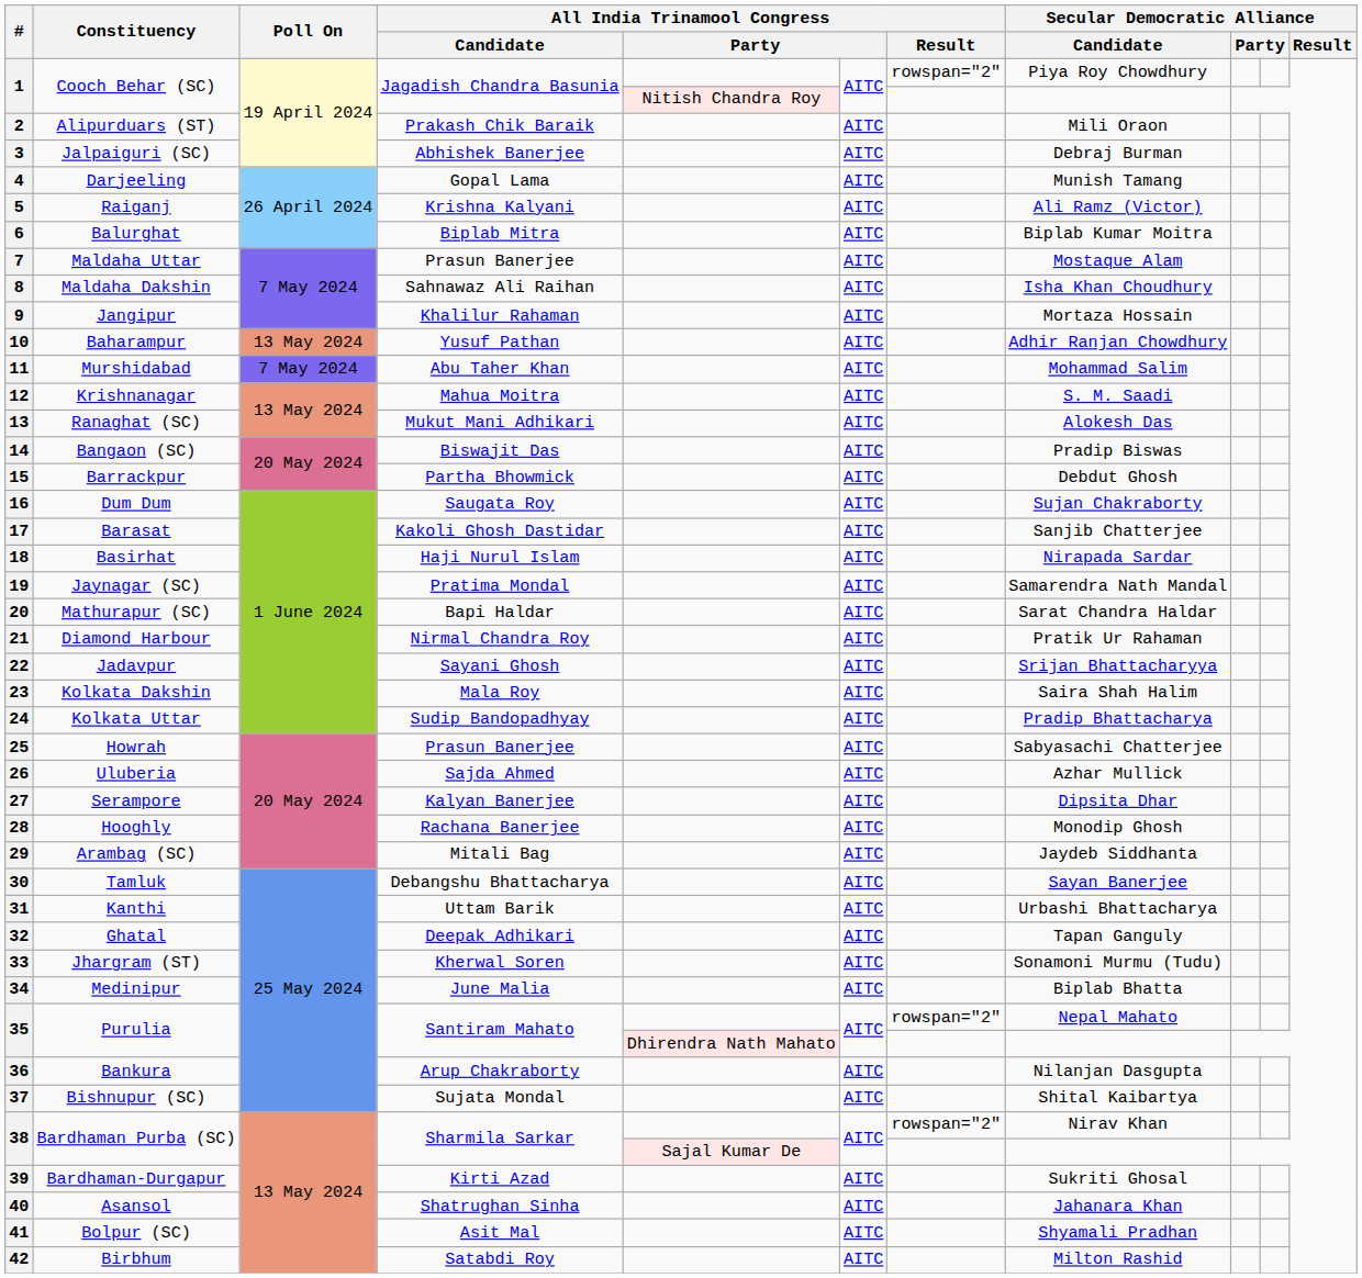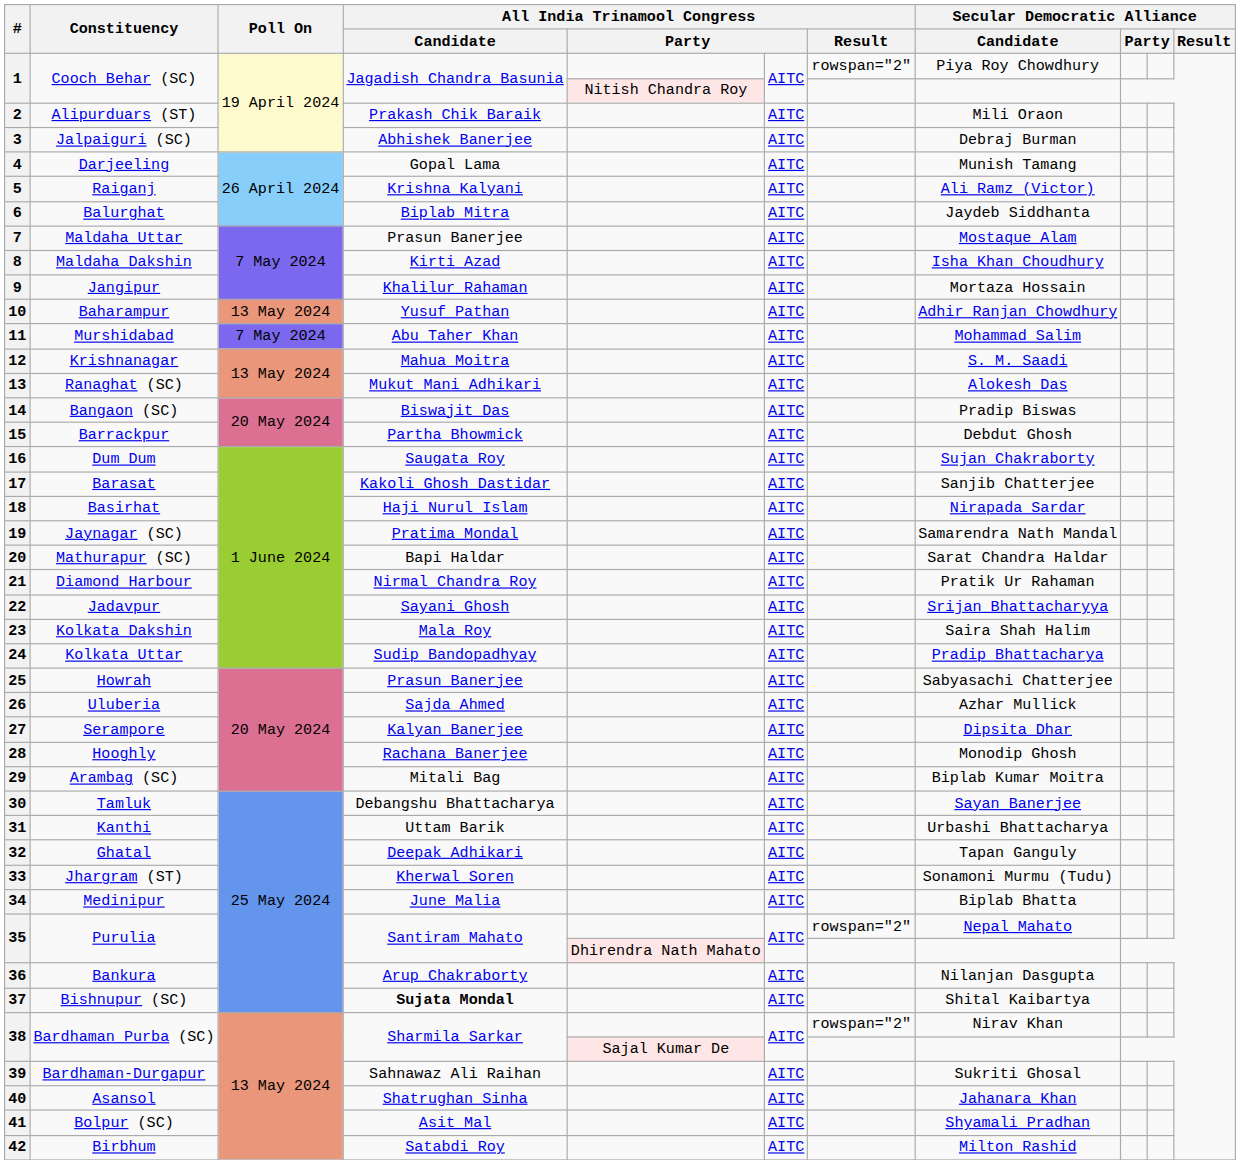 <table class="wikitable sortable" style="text-align:center;">
 <tr>
 <th rowspan="2">#</th>
 <th rowspan="2">Constituency</th>
 <th rowspan="2">Poll On</th>
 <th colspan="4" Style="background-color:">All India Trinamool Congress</th>
 <th colspan="4" Style="background-color:">Secular Democratic Alliance</th>
 </tr>
 <tr>
 <th>Candidate</th>
 <th colspan="2">Party</th>
 <th>Result</th>
 <th>Candidate</th>
 <th colspan="2">Party</th>
 <th>Result</th>
 </tr>
 <tr>
 <th rowspan="2">1</th>
 <td rowspan="2"><a href='#'>Cooch Behar</a> (SC)</td>
 <td rowspan="4" bgcolor=#FFFACD>19 April 2024</td>
 <td rowspan="2"><a href='#'>Jagadish Chandra Basunia</a></td>
 <td></td>
 <td rowspan="2"><a href='#'>AITC</a></td>
 <td>rowspan="2" </td>
 <td>Piya Roy Chowdhury</td>
 <td></td>
 <td></td>
 </tr>
 <tr>
 <td style="background:#FFE6E6">Nitish Chandra Roy</td>
 <td></td>
 <td></td>
 </tr>
 <tr>
 <th>2</th>
 <td><a href='#'>Alipurduars</a> (ST)</td>
 <td><a href='#'>Prakash Chik Baraik</a></td>
 <td></td>
 <td><a href='#'>AITC</a></td>
 <td></td>
 <td>Mili Oraon</td>
 <td></td>
 <td></td>
 </tr>
 <tr>
 <th>3</th>
 <td><a href='#'>Jalpaiguri</a> (SC)</td>
 <td><a href='#'>Abhishek Banerjee</a></td>
 <td></td>
 <td><a href='#'>AITC</a></td>
 <td></td>
 <td>Debraj Burman</td>
 <td></td>
 <td></td>
 </tr>
 <tr>
 <th>4</th>
 <td><a href='#'>Darjeeling</a></td>
 <td rowspan="3" bgcolor=#87CEFA>26 April 2024</td>
 <td>Gopal Lama</td>
 <td></td>
 <td><a href='#'>AITC</a></td>
 <td></td>
 <td>Munish Tamang</td>
 <td></td>
 <td></td>
 </tr>
 <tr>
 <th>5</th>
 <td><a href='#'>Raiganj</a></td>
 <td><a href='#'>Krishna Kalyani</a></td>
 <td></td>
 <td><a href='#'>AITC</a></td>
 <td></td>
 <td><a href='#'>Ali Ramz (Victor)</a></td>
 <td></td>
 <td></td>
 </tr>
 <tr>
 <th>6</th>
 <td><a href='#'>Balurghat</a></td>
 <td><a href='#'>Biplab Mitra</a></td>
 <td></td>
 <td><a href='#'>AITC</a></td>
 <td></td>
-<td>Biplab Kumar Moitra</td>
+<td>Jaydeb Siddhanta</td>
 <td></td>
 <td></td>
 </tr>
 <tr>
 <th>7</th>
 <td><a href='#'>Maldaha Uttar</a></td>
 <td rowspan="3" bgcolor=#7B68EE>7 May 2024</td>
 <td>Prasun Banerjee</td>
 <td></td>
 <td><a href='#'>AITC</a></td>
 <td></td>
 <td><a href='#'>Mostaque Alam</a></td>
 <td></td>
 <td></td>
 </tr>
 <tr>
 <th>8</th>
 <td><a href='#'>Maldaha Dakshin</a></td>
-<td>Sahnawaz Ali Raihan</td>
+<td><a href='#'>Kirti Azad</a></td>
 <td></td>
 <td><a href='#'>AITC</a></td>
 <td></td>
 <td><a href='#'>Isha Khan Choudhury</a></td>
 <td></td>
 <td></td>
 </tr>
 <tr>
 <th>9</th>
 <td><a href='#'>Jangipur</a></td>
 <td><a href='#'>Khalilur Rahaman</a></td>
 <td></td>
 <td><a href='#'>AITC</a></td>
 <td></td>
 <td>Mortaza Hossain</td>
 <td></td>
 <td></td>
 </tr>
 <tr>
 <th>10</th>
 <td><a href='#'>Baharampur</a></td>
 <td bgcolor=#E9967A>13 May 2024</td>
 <td><a href='#'>Yusuf Pathan</a></td>
 <td></td>
 <td><a href='#'>AITC</a></td>
 <td></td>
 <td><a href='#'>Adhir Ranjan Chowdhury</a></td>
 <td></td>
 <td></td>
 </tr>
 <tr>
 <th>11</th>
 <td><a href='#'>Murshidabad</a></td>
 <td bgcolor=#7B68EE>7 May 2024</td>
 <td><a href='#'>Abu Taher Khan</a></td>
 <td></td>
 <td><a href='#'>AITC</a></td>
 <td></td>
 <td><a href='#'>Mohammad Salim</a></td>
 <td></td>
 <td></td>
 </tr>
 <tr>
 <th>12</th>
 <td><a href='#'>Krishnanagar</a></td>
 <td rowspan="2" bgcolor=#E9967A>13 May 2024</td>
 <td><a href='#'>Mahua Moitra</a></td>
 <td></td>
 <td><a href='#'>AITC</a></td>
 <td></td>
 <td><a href='#'>S. M. Saadi</a></td>
 <td></td>
 <td></td>
 </tr>
 <tr>
 <th>13</th>
 <td><a href='#'>Ranaghat</a> (SC)</td>
 <td><a href='#'>Mukut Mani Adhikari</a></td>
 <td></td>
 <td><a href='#'>AITC</a></td>
 <td></td>
 <td><a href='#'>Alokesh Das</a></td>
 <td></td>
 <td></td>
 </tr>
 <tr>
 <th>14</th>
 <td><a href='#'>Bangaon</a> (SC)</td>
 <td rowspan="2" bgcolor=#DB7093>20 May 2024</td>
 <td><a href='#'>Biswajit Das</a></td>
 <td></td>
 <td><a href='#'>AITC</a></td>
 <td></td>
 <td>Pradip Biswas</td>
 <td></td>
 <td></td>
 </tr>
 <tr>
 <th>15</th>
 <td><a href='#'>Barrackpur</a></td>
 <td><a href='#'>Partha Bhowmick</a></td>
 <td></td>
 <td><a href='#'>AITC</a></td>
 <td></td>
 <td>Debdut Ghosh</td>
 <td></td>
 <td></td>
 </tr>
 <tr>
 <th>16</th>
 <td><a href='#'>Dum Dum</a></td>
 <td rowspan="9" bgcolor=#9ACD32>1 June 2024</td>
 <td><a href='#'>Saugata Roy</a></td>
 <td></td>
 <td><a href='#'>AITC</a></td>
 <td></td>
 <td><a href='#'>Sujan Chakraborty</a></td>
 <td></td>
 <td></td>
 </tr>
 <tr>
 <th>17</th>
 <td><a href='#'>Barasat</a></td>
 <td><a href='#'>Kakoli Ghosh Dastidar</a></td>
 <td></td>
 <td><a href='#'>AITC</a></td>
 <td></td>
 <td>Sanjib Chatterjee</td>
 <td></td>
 <td></td>
 </tr>
 <tr>
 <th>18</th>
 <td><a href='#'>Basirhat</a></td>
 <td><a href='#'>Haji Nurul Islam</a></td>
 <td></td>
 <td><a href='#'>AITC</a></td>
 <td></td>
 <td><a href='#'>Nirapada Sardar</a></td>
 <td></td>
 <td></td>
 </tr>
 <tr>
 <th>19</th>
 <td><a href='#'>Jaynagar</a> (SC)</td>
 <td><a href='#'>Pratima Mondal</a></td>
 <td></td>
 <td><a href='#'>AITC</a></td>
 <td></td>
 <td>Samarendra Nath Mandal</td>
 <td></td>
 <td></td>
 </tr>
 <tr>
 <th>20</th>
 <td><a href='#'>Mathurapur</a> (SC)</td>
 <td>Bapi Haldar</td>
 <td></td>
 <td><a href='#'>AITC</a></td>
 <td></td>
 <td>Sarat Chandra Haldar</td>
 <td></td>
 <td></td>
 </tr>
 <tr>
 <th>21</th>
 <td><a href='#'>Diamond Harbour</a></td>
 <td><a href='#'>Nirmal Chandra Roy</a></td>
 <td></td>
 <td><a href='#'>AITC</a></td>
 <td></td>
 <td>Pratik Ur Rahaman</td>
 <td></td>
 <td></td>
 </tr>
 <tr>
 <th>22</th>
 <td><a href='#'>Jadavpur</a></td>
 <td><a href='#'>Sayani Ghosh</a></td>
 <td></td>
 <td><a href='#'>AITC</a></td>
 <td></td>
 <td><a href='#'>Srijan Bhattacharyya</a></td>
 <td></td>
 <td></td>
 </tr>
 <tr>
 <th>23</th>
 <td><a href='#'>Kolkata Dakshin</a></td>
 <td><a href='#'>Mala Roy</a></td>
 <td></td>
 <td><a href='#'>AITC</a></td>
 <td></td>
 <td>Saira Shah Halim</td>
 <td></td>
 <td></td>
 </tr>
 <tr>
 <th>24</th>
 <td><a href='#'>Kolkata Uttar</a></td>
 <td><a href='#'>Sudip Bandopadhyay</a></td>
 <td></td>
 <td><a href='#'>AITC</a></td>
 <td></td>
 <td><a href='#'>Pradip Bhattacharya</a></td>
 <td></td>
 <td></td>
 </tr>
 <tr>
 <th>25</th>
 <td><a href='#'>Howrah</a></td>
 <td rowspan="5" bgcolor=#DB7093>20 May 2024</td>
 <td><a href='#'>Prasun Banerjee</a></td>
 <td></td>
 <td><a href='#'>AITC</a></td>
 <td></td>
 <td>Sabyasachi Chatterjee</td>
 <td></td>
 <td></td>
 </tr>
 <tr>
 <th>26</th>
 <td><a href='#'>Uluberia</a></td>
 <td><a href='#'>Sajda Ahmed</a></td>
 <td></td>
 <td><a href='#'>AITC</a></td>
 <td></td>
 <td>Azhar Mullick</td>
 <td></td>
 <td></td>
 </tr>
 <tr>
 <th>27</th>
 <td><a href='#'>Serampore</a></td>
 <td><a href='#'>Kalyan Banerjee</a></td>
 <td></td>
 <td><a href='#'>AITC</a></td>
 <td></td>
 <td><a href='#'>Dipsita Dhar</a></td>
 <td></td>
 <td></td>
 </tr>
 <tr>
 <th>28</th>
 <td><a href='#'>Hooghly</a></td>
 <td><a href='#'>Rachana Banerjee</a></td>
 <td></td>
 <td><a href='#'>AITC</a></td>
 <td></td>
 <td>Monodip Ghosh</td>
 <td></td>
 <td></td>
 </tr>
 <tr>
 <th>29</th>
 <td><a href='#'>Arambag</a> (SC)</td>
 <td>Mitali Bag</td>
 <td></td>
 <td><a href='#'>AITC</a></td>
 <td></td>
-<td>Jaydeb Siddhanta</td>
+<td>Biplab Kumar Moitra</td>
 <td></td>
 <td></td>
 </tr>
 <tr>
 <th>30</th>
 <td><a href='#'>Tamluk</a></td>
 <td rowspan="9" bgcolor=#6495ED>25 May 2024</td>
 <td>Debangshu Bhattacharya</td>
 <td></td>
 <td><a href='#'>AITC</a></td>
 <td></td>
 <td><a href='#'>Sayan Banerjee</a></td>
 <td></td>
 <td></td>
 </tr>
 <tr>
 <th>31</th>
 <td><a href='#'>Kanthi</a></td>
 <td>Uttam Barik</td>
 <td></td>
 <td><a href='#'>AITC</a></td>
 <td></td>
 <td>Urbashi Bhattacharya</td>
 <td></td>
 <td></td>
 </tr>
 <tr>
 <th>32</th>
 <td><a href='#'>Ghatal</a></td>
 <td><a href='#'>Deepak Adhikari</a></td>
 <td></td>
 <td><a href='#'>AITC</a></td>
 <td></td>
 <td>Tapan Ganguly</td>
 <td></td>
 <td></td>
 </tr>
 <tr>
 <th>33</th>
 <td><a href='#'>Jhargram</a> (ST)</td>
 <td><a href='#'>Kherwal Soren</a></td>
 <td></td>
 <td><a href='#'>AITC</a></td>
 <td></td>
 <td>Sonamoni Murmu (Tudu)</td>
 <td></td>
 <td></td>
 </tr>
 <tr>
 <th>34</th>
 <td><a href='#'>Medinipur</a></td>
 <td><a href='#'>June Malia</a></td>
 <td></td>
 <td><a href='#'>AITC</a></td>
 <td></td>
 <td>Biplab Bhatta</td>
 <td></td>
 <td></td>
 </tr>
 <tr>
 <th rowspan="2">35</th>
 <td rowspan="2"><a href='#'>Purulia</a></td>
 <td rowspan="2"><a href='#'>Santiram Mahato</a></td>
 <td></td>
 <td rowspan="2"><a href='#'>AITC</a></td>
 <td>rowspan="2" </td>
 <td><a href='#'>Nepal Mahato</a></td>
 <td></td>
 <td></td>
 </tr>
 <tr>
 <td style="background:#FFE6E6">Dhirendra Nath Mahato</td>
 <td></td>
 <td></td>
 </tr>
 <tr>
 <th>36</th>
 <td><a href='#'>Bankura</a></td>
 <td><a href='#'>Arup Chakraborty</a></td>
 <td></td>
 <td><a href='#'>AITC</a></td>
 <td></td>
 <td>Nilanjan Dasgupta</td>
 <td></td>
 <td></td>
 </tr>
 <tr>
 <th>37</th>
 <td><a href='#'>Bishnupur</a> (SC)</td>
-<td>Sujata Mondal</td>
+<td><strong>Sujata Mondal</strong></td>
 <td></td>
 <td><a href='#'>AITC</a></td>
 <td></td>
 <td>Shital Kaibartya</td>
 <td></td>
 <td></td>
 </tr>
 <tr>
 <th rowspan="2">38</th>
 <td rowspan="2"><a href='#'>Bardhaman Purba</a> (SC)</td>
 <td rowspan="6" bgcolor="#E9967A">13 May 2024</td>
 <td rowspan="2"><a href='#'>Sharmila Sarkar</a></td>
 <td></td>
 <td rowspan="2"><a href='#'>AITC</a></td>
 <td>rowspan="2" </td>
 <td>Nirav Khan</td>
 <td></td>
 <td></td>
 </tr>
 <tr>
 <td style="background:#FFE6E6">Sajal Kumar De</td>
 <td></td>
 <td></td>
 </tr>
 <tr>
 <th>39</th>
 <td><a href='#'>Bardhaman-Durgapur</a></td>
-<td><a href='#'>Kirti Azad</a></td>
+<td>Sahnawaz Ali Raihan</td>
 <td></td>
 <td><a href='#'>AITC</a></td>
 <td></td>
 <td>Sukriti Ghosal</td>
 <td></td>
 <td></td>
 </tr>
 <tr>
 <th>40</th>
 <td><a href='#'>Asansol</a></td>
 <td><a href='#'>Shatrughan Sinha</a></td>
 <td></td>
 <td><a href='#'>AITC</a></td>
 <td></td>
 <td><a href='#'>Jahanara Khan</a></td>
 <td></td>
 <td></td>
 </tr>
 <tr>
 <th>41</th>
 <td><a href='#'>Bolpur</a> (SC)</td>
 <td><a href='#'>Asit Mal</a></td>
 <td></td>
 <td><a href='#'>AITC</a></td>
 <td></td>
 <td><a href='#'>Shyamali Pradhan</a></td>
 <td></td>
 <td></td>
 </tr>
 <tr>
 <th>42</th>
 <td><a href='#'>Birbhum</a></td>
 <td><a href='#'>Satabdi Roy</a></td>
 <td></td>
 <td><a href='#'>AITC</a></td>
 <td></td>
 <td><a href='#'>Milton Rashid</a></td>
 <td></td>
 <td></td>
 </tr>
 </table>
